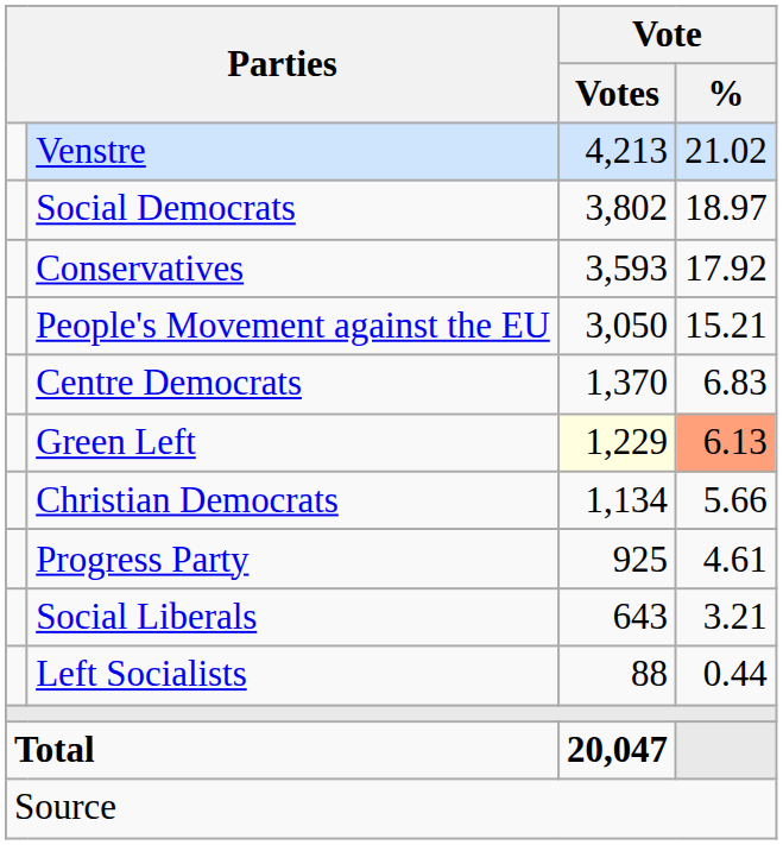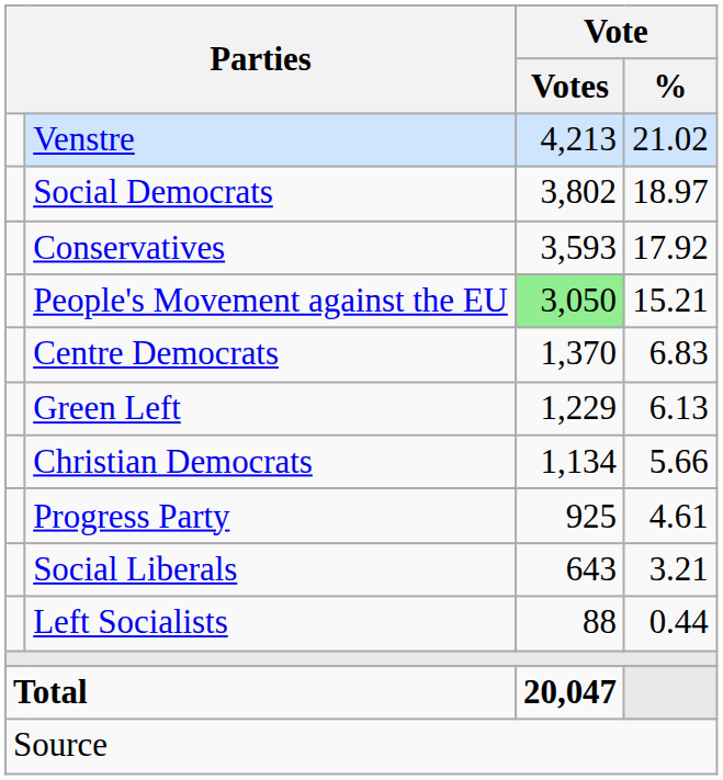 <table class="wikitable" style="text-align:right;">
 <tr>
 <th style="text-align:centre;" rowspan="2" colspan="2" width="225">Parties</th>
 <th colspan="3">Vote</th>
 </tr>
 <tr>
 <th width="15">Votes</th>
 <th width="15">%</th>
 </tr>
 <tr>
 <td width="2" style="color:inherit;background:"></td>
 <td bgcolor=#cfe5fe   align="left"><a href='#'>Venstre</a></td>
 <td bgcolor=#cfe5fe>4,213</td>
 <td bgcolor=#cfe5fe>21.02</td>
 </tr>
 <tr>
 <td width="2" style="color:inherit;background:"></td>
 <td align="left"><a href='#'>Social Democrats</a></td>
 <td>3,802</td>
 <td>18.97</td>
 </tr>
 <tr>
 <td width="2" style="color:inherit;background:"></td>
 <td align="left"><a href='#'>Conservatives</a></td>
 <td>3,593</td>
 <td>17.92</td>
 </tr>
 <tr>
 <td width="2" style="color:inherit;background:"></td>
 <td align="left"><a href='#'>People's Movement against the EU</a></td>
-<td>3,050</td>
+<td style="background: lightgreen;">3,050</td>
 <td>15.21</td>
 </tr>
 <tr>
 <td width="2" style="color:inherit;background:"></td>
 <td align="left"><a href='#'>Centre Democrats</a></td>
 <td>1,370</td>
 <td>6.83</td>
 </tr>
 <tr>
 <td width="2" style="color:inherit;background:"></td>
 <td align="left"><a href='#'>Green Left</a></td>
-<td style="background: lightyellow;">1,229</td>
-<td style="background: lightsalmon;">6.13</td>
+<td>1,229</td>
+<td>6.13</td>
 </tr>
 <tr>
 <td width="2" style="color:inherit;background:"></td>
 <td align="left"><a href='#'>Christian Democrats</a></td>
 <td>1,134</td>
 <td>5.66</td>
 </tr>
 <tr>
 <td width="2" style="color:inherit;background:"></td>
 <td align="left"><a href='#'>Progress Party</a></td>
 <td>925</td>
 <td>4.61</td>
 </tr>
 <tr>
 <td width="2" style="color:inherit;background:"></td>
 <td align="left"><a href='#'>Social Liberals</a></td>
 <td>643</td>
 <td>3.21</td>
 </tr>
 <tr>
 <td width="2" style="color:inherit;background:"></td>
 <td align="left"><a href='#'>Left Socialists</a></td>
 <td>88</td>
 <td>0.44</td>
 </tr>
 <tr>
 <td colspan="7" bgcolor="#E9E9E9"></td>
 </tr>
 <tr>
 <td align="left" colspan="2"><strong>Total</strong></td>
 <td><strong>20,047</strong></td>
 <td bgcolor="#E9E9E9" colspan="2"></td>
 </tr>
 <tr>
 <td align="left" colspan="6">Source</td>
 </tr>
 </table>
